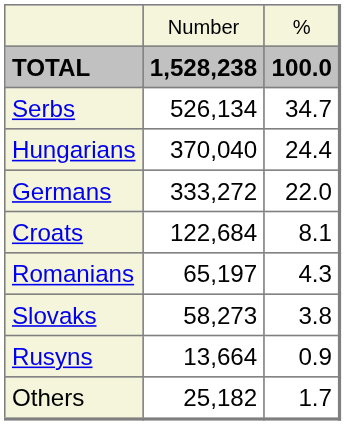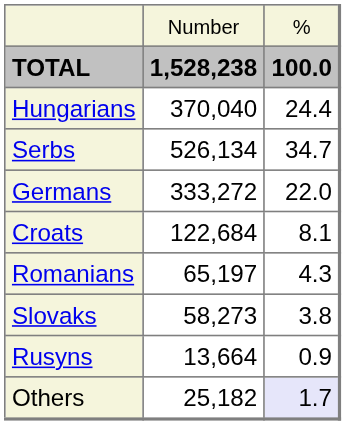 <table border=1 cellpadding=4 cellspacing=0 class="toccolours" style="align: left; margin: 0.5em 0 0 0; border-style: solid; border: 1px solid #7f7f7f; border-right-width: 2px; border-bottom-width: 2px; border-collapse: collapse; font-size: 95%;">
 <tr>
 <td style="background:#F5F5DC;"></td>
 <td style="background:#F5F5DC;" align="center"><small>Number</small></td>
 <td style="background:#F5F5DC;" align="center"><small>%</small></td>
 </tr>
 <tr>
 <td style="background:#c1c1c1;"><strong>TOTAL</strong></td>
 <td colspan=1 style="background:#c1c1c1;" align="center"><strong>1,528,238</strong></td>
 <td colspan=1 style="background:#c1c1c1;" align="center"><strong>100.0</strong></td>
 </tr>
 <tr>
+<td style="background:#F5F5DC;"><a href='#'>Hungarians</a></td>
+<td align="right">370,040</td>
+<td align="right">24.4</td>
+</tr>
+<tr>
 <td style="background:#F5F5DC;"><a href='#'>Serbs</a></td>
 <td align="right">526,134</td>
 <td align="right">34.7</td>
-</tr>
-<tr>
-<td style="background:#F5F5DC;"><a href='#'>Hungarians</a></td>
-<td align="right">370,040</td>
-<td align="right">24.4</td>
 </tr>
 <tr>
 <td style="background:#F5F5DC;"><a href='#'>Germans</a></td>
 <td align="right">333,272</td>
 <td align="right">22.0</td>
 </tr>
 <tr>
 <td style="background:#F5F5DC;"><a href='#'>Croats</a></td>
 <td align="right">122,684</td>
 <td align="right">8.1</td>
 </tr>
 <tr>
 <td style="background:#F5F5DC;"><a href='#'>Romanians</a></td>
 <td align="right">65,197</td>
 <td align="right">4.3</td>
 </tr>
 <tr>
 <td style="background:#F5F5DC;"><a href='#'>Slovaks</a></td>
 <td align="right">58,273</td>
 <td align="right">3.8</td>
 </tr>
 <tr>
 <td style="background:#F5F5DC;"><a href='#'>Rusyns</a></td>
 <td align="right">13,664</td>
 <td align="right">0.9</td>
 </tr>
 <tr>
 <td style="background:#F5F5DC;">Others</td>
 <td align="right">25,182</td>
-<td align="right">1.7</td>
+<td align="right" style="background: lavender;">1.7</td>
 </tr>
 </table>
